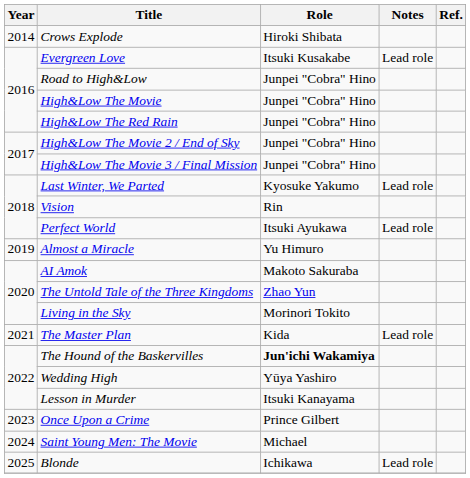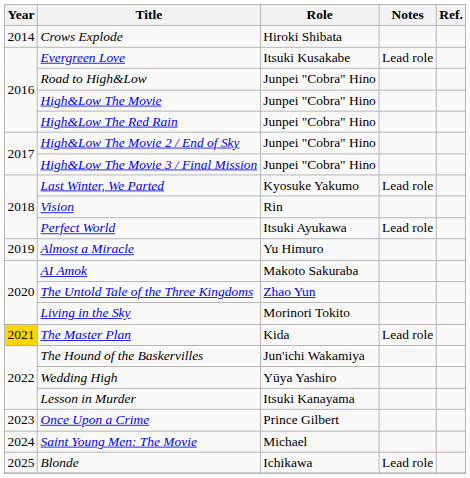 <table class="wikitable">
 <tr>
 <th>Year</th>
 <th>Title</th>
 <th>Role</th>
 <th>Notes</th>
 <th>Ref.</th>
 </tr>
 <tr>
 <td>2014</td>
 <td><em>Crows Explode</em></td>
 <td>Hiroki Shibata</td>
 <td></td>
 <td></td>
 </tr>
 <tr>
 <td rowspan="4">2016</td>
 <td><em><a href='#'>Evergreen Love</a></em></td>
 <td>Itsuki Kusakabe</td>
 <td>Lead role</td>
 <td></td>
 </tr>
 <tr>
 <td><em>Road to High&Low</em></td>
 <td>Junpei "Cobra" Hino</td>
 <td></td>
 <td></td>
 </tr>
 <tr>
 <td><em><a href='#'>High&Low The Movie</a></em></td>
 <td>Junpei "Cobra" Hino</td>
 <td></td>
 <td></td>
 </tr>
 <tr>
 <td><em><a href='#'>High&Low The Red Rain</a></em></td>
 <td>Junpei "Cobra" Hino</td>
 <td></td>
 <td></td>
 </tr>
 <tr>
 <td rowspan="2">2017</td>
 <td><em><a href='#'>High&Low The Movie 2 / End of Sky</a></em></td>
 <td>Junpei "Cobra" Hino</td>
 <td></td>
 <td></td>
 </tr>
 <tr>
 <td><em><a href='#'>High&Low The Movie 3 / Final Mission</a></em></td>
 <td>Junpei "Cobra" Hino</td>
 <td></td>
 <td></td>
 </tr>
 <tr>
 <td rowspan="3">2018</td>
 <td><em><a href='#'>Last Winter, We Parted</a></em></td>
 <td>Kyosuke Yakumo</td>
 <td>Lead role</td>
 <td></td>
 </tr>
 <tr>
 <td><em><a href='#'>Vision</a></em></td>
 <td>Rin</td>
 <td></td>
 <td></td>
 </tr>
 <tr>
 <td><em><a href='#'>Perfect World</a></em></td>
 <td>Itsuki Ayukawa</td>
 <td>Lead role</td>
 <td></td>
 </tr>
 <tr>
 <td rowspan="1">2019</td>
 <td><em><a href='#'>Almost a Miracle</a></em></td>
 <td>Yu Himuro</td>
 <td></td>
 <td></td>
 </tr>
 <tr>
 <td rowspan="3">2020</td>
 <td><em><a href='#'>AI Amok</a></em></td>
 <td>Makoto Sakuraba</td>
 <td></td>
 <td></td>
 </tr>
 <tr>
 <td><em><a href='#'>The Untold Tale of the Three Kingdoms</a></em></td>
 <td><a href='#'>Zhao Yun</a></td>
 <td></td>
 <td></td>
 </tr>
 <tr>
 <td><em><a href='#'>Living in the Sky</a></em></td>
 <td>Morinori Tokito</td>
 <td></td>
 <td></td>
 </tr>
 <tr>
-<td rowspan="1">2021</td>
+<td rowspan="1" style="background: gold;">2021</td>
 <td><em><a href='#'>The Master Plan</a></em></td>
 <td>Kida</td>
 <td>Lead role</td>
 <td></td>
 </tr>
 <tr>
 <td rowspan="3">2022</td>
 <td><em>The Hound of the Baskervilles</em></td>
-<td><strong>Jun'ichi Wakamiya</strong></td>
+<td>Jun'ichi Wakamiya</td>
 <td></td>
 <td></td>
 </tr>
 <tr>
 <td><em>Wedding High</em></td>
 <td>Yūya Yashiro</td>
 <td></td>
 <td></td>
 </tr>
 <tr>
 <td><em>Lesson in Murder</em></td>
 <td>Itsuki Kanayama</td>
 <td></td>
 <td></td>
 </tr>
 <tr>
 <td>2023</td>
 <td><a href='#'><em>Once Upon a Crime</em></a></td>
 <td>Prince Gilbert</td>
 <td></td>
 <td></td>
 </tr>
 <tr>
 <td>2024</td>
 <td><em><a href='#'>Saint Young Men: The Movie</a></em></td>
 <td>Michael</td>
 <td></td>
 <td></td>
 </tr>
 <tr>
 <td>2025</td>
 <td><em>Blonde</em></td>
 <td>Ichikawa</td>
 <td>Lead role</td>
 <td></td>
 </tr>
 <tr>
 </tr>
 </table>
